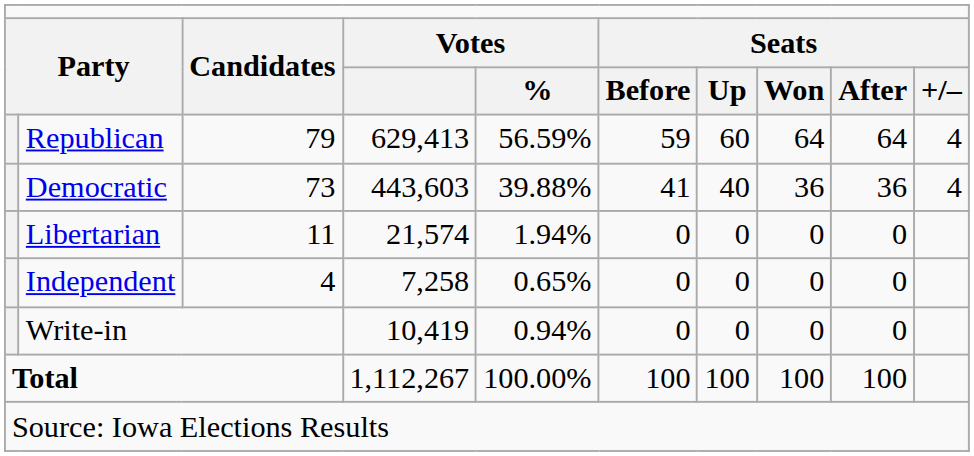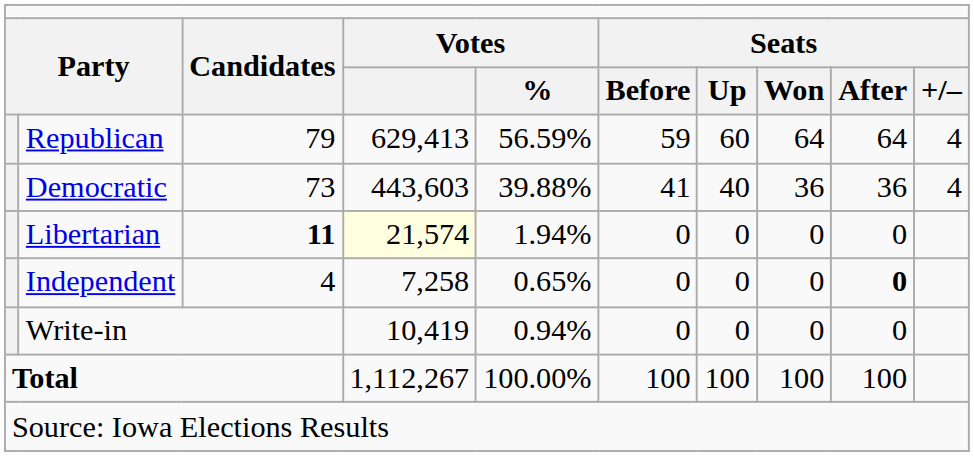 <table class="wikitable">
 <tr>
 <td colspan=15 align=center></td>
 </tr>
 <tr>
 <th rowspan="2" colspan="2">Party</th>
 <th rowspan="2">Candidates</th>
 <th colspan="2">Votes</th>
 <th colspan="5">Seats</th>
 </tr>
 <tr>
 <th></th>
 <th>%</th>
 <th>Before</th>
 <th>Up</th>
 <th>Won</th>
 <th>After</th>
 <th>+/–</th>
 </tr>
 <tr>
 <th style="background-color:"></th>
 <td><a href='#'>Republican</a></td>
 <td align="right">79</td>
 <td align="right">629,413</td>
 <td align="right">56.59%</td>
 <td align="right">59</td>
 <td align="right">60</td>
 <td align="right">64</td>
 <td align="right">64</td>
 <td align="right"> 4</td>
 </tr>
 <tr>
 <th style="background-color:"></th>
 <td><a href='#'>Democratic</a></td>
 <td align="right">73</td>
 <td align="right">443,603</td>
 <td align="right">39.88%</td>
 <td align="right">41</td>
 <td align="right">40</td>
 <td align="right">36</td>
 <td align="right">36</td>
 <td align="right"> 4</td>
 </tr>
 <tr>
 <th style="background-color:"></th>
 <td><a href='#'>Libertarian</a></td>
-<td align="right">11</td>
-<td align="right">21,574</td>
+<td align="right"><strong>11</strong></td>
+<td align="right" style="background: lightyellow;">21,574</td>
 <td align="right">1.94%</td>
 <td align="right">0</td>
 <td align="right">0</td>
 <td align="right">0</td>
 <td align="right">0</td>
 <td align="right"></td>
 </tr>
 <tr>
 <th style="background-color:"></th>
 <td><a href='#'>Independent</a></td>
 <td align="right">4</td>
 <td align="right">7,258</td>
 <td align="right">0.65%</td>
 <td align="right">0</td>
 <td align="right">0</td>
 <td align="right">0</td>
-<td align="right">0</td>
+<td align="right"><strong>0</strong></td>
 <td align="right"></td>
 </tr>
 <tr>
 <th style="background-color:"></th>
 <td colspan="2">Write-in</td>
 <td align="right">10,419</td>
 <td align="right">0.94%</td>
 <td align="right">0</td>
 <td align="right">0</td>
 <td align="right">0</td>
 <td align="right">0</td>
 <td align="right"></td>
 </tr>
 <tr>
 <td colspan="3" align="left"><strong>Total</strong></td>
 <td align="right">1,112,267</td>
 <td align="right">100.00%</td>
 <td align="right">100</td>
 <td align="right">100</td>
 <td align="right">100</td>
 <td align="right">100</td>
 <td align="right"></td>
 </tr>
 <tr>
 <td colspan="10">Source: Iowa Elections Results</td>
 </tr>
 </table>
